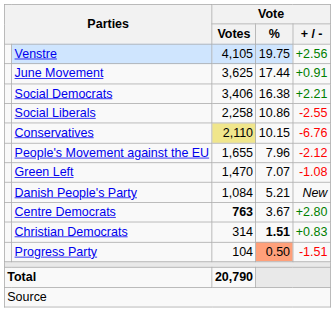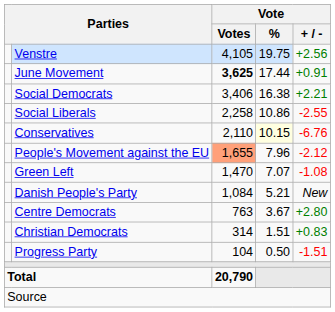 <table class="wikitable" style="text-align:right;">
 <tr>
 <th style="text-align:centre;" rowspan="2" colspan="2" width="225">Parties</th>
 <th colspan="3">Vote</th>
 </tr>
 <tr>
 <th width="15">Votes</th>
 <th width="15">%</th>
 <th width="15">+ / -</th>
 </tr>
 <tr>
 <td width="2" style="color:inherit;background:"></td>
 <td bgcolor=#cfe5fe   align="left"><a href='#'>Venstre</a></td>
 <td bgcolor=#cfe5fe>4,105</td>
 <td bgcolor=#cfe5fe>19.75</td>
 <td style=color:green;>+2.56</td>
 </tr>
 <tr>
 <td width="2" style="color:inherit;background:"></td>
 <td align="left"><a href='#'>June Movement</a></td>
-<td>3,625</td>
+<td><strong>3,625</strong></td>
 <td>17.44</td>
 <td style=color:green;>+0.91</td>
 </tr>
 <tr>
 <td width="2" style="color:inherit;background:"></td>
 <td align="left"><a href='#'>Social Democrats</a></td>
 <td>3,406</td>
 <td>16.38</td>
 <td style=color:green;>+2.21</td>
 </tr>
 <tr>
 <td width="2" style="color:inherit;background:"></td>
 <td align="left"><a href='#'>Social Liberals</a></td>
 <td>2,258</td>
 <td>10.86</td>
 <td style=color:red;>-2.55</td>
 </tr>
 <tr>
 <td width="2" style="color:inherit;background:"></td>
 <td align="left"><a href='#'>Conservatives</a></td>
-<td style="background: khaki;">2,110</td>
-<td>10.15</td>
+<td>2,110</td>
+<td style="background: lightyellow;">10.15</td>
 <td style=color:red;>-6.76</td>
 </tr>
 <tr>
 <td width="2" style="color:inherit;background:"></td>
 <td align="left"><a href='#'>People's Movement against the EU</a></td>
-<td>1,655</td>
+<td style="background: lightsalmon;">1,655</td>
 <td>7.96</td>
 <td style=color:red;>-2.12</td>
 </tr>
 <tr>
 <td width="2" style="color:inherit;background:"></td>
 <td align="left"><a href='#'>Green Left</a></td>
 <td>1,470</td>
 <td>7.07</td>
 <td style=color:red;>-1.08</td>
 </tr>
 <tr>
 <td width="2" style="color:inherit;background:"></td>
 <td align="left"><a href='#'>Danish People's Party</a></td>
 <td>1,084</td>
 <td>5.21</td>
 <td><em>New</em></td>
 </tr>
 <tr>
 <td width="2" style="color:inherit;background:"></td>
 <td align="left"><a href='#'>Centre Democrats</a></td>
-<td><strong>763</strong></td>
+<td>763</td>
 <td>3.67</td>
 <td style=color:green;>+2.80</td>
 </tr>
 <tr>
 <td width="2" style="color:inherit;background:"></td>
 <td align="left"><a href='#'>Christian Democrats</a></td>
 <td>314</td>
-<td><strong>1.51</strong></td>
+<td>1.51</td>
 <td style=color:green;>+0.83</td>
 </tr>
 <tr>
 <td width="2" style="color:inherit;background:"></td>
 <td align="left"><a href='#'>Progress Party</a></td>
 <td>104</td>
-<td style="background: lightsalmon;">0.50</td>
+<td>0.50</td>
 <td style=color:red;>-1.51</td>
 </tr>
 <tr>
 <td colspan="7" bgcolor="#E9E9E9"></td>
 </tr>
 <tr>
 <td align="left" colspan="2"><strong>Total</strong></td>
 <td><strong>20,790</strong></td>
 <td bgcolor="#E9E9E9" colspan="2"></td>
 </tr>
 <tr>
 <td align="left" colspan="6">Source</td>
 </tr>
 </table>
